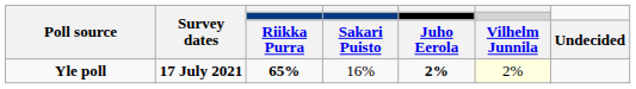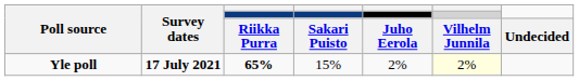 <table class="wikitable" style="text-align:center;font-size:85%;line-height:14px;">
 <tr bgcolor=lightgray>
 <th rowspan="3" style="width:125px;">Poll source</th>
 <th rowspan="3">Survey<br>dates</th>
 <th style="width:60px;"></th>
 <th style="width:60px;"></th>
 <th style="width:60px;"></th>
 <th style="width:60px;"></th>
 </tr>
 <tr>
 <td bgcolor=#093A80></td>
 <td bgcolor=#093A80></td>
 <td bgcolor=black></td>
 <td bgcolor=lightgray></td>
 </tr>
 <tr>
 <th><a href='#'>Riikka Purra</a></th>
 <th><a href='#'>Sakari Puisto</a></th>
 <th><a href='#'>Juho Eerola</a></th>
 <th><a href='#'>Vilhelm Junnila</a></th>
 <th>Undecided</th>
 </tr>
 <tr>
 <td><strong>Yle poll</strong></td>
 <td><strong>17 July 2021</strong></td>
 <td><strong>65%</strong></td>
-<td>16%</td>
-<td><strong>2%</strong></td>
+<td>15%</td>
+<td>2%</td>
 <td style="background: lightyellow;">2%</td>
 <td></td>
 </tr>
 </table>
